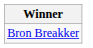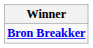 <table class="wikitable">
 <tr>
 <th>Winner</th>
 </tr>
 <tr>
-<td><a href='#'>Bron Breakker</a></td>
+<td><strong><a href='#'>Bron Breakker</a></strong></td>
 </tr>
 </table>
